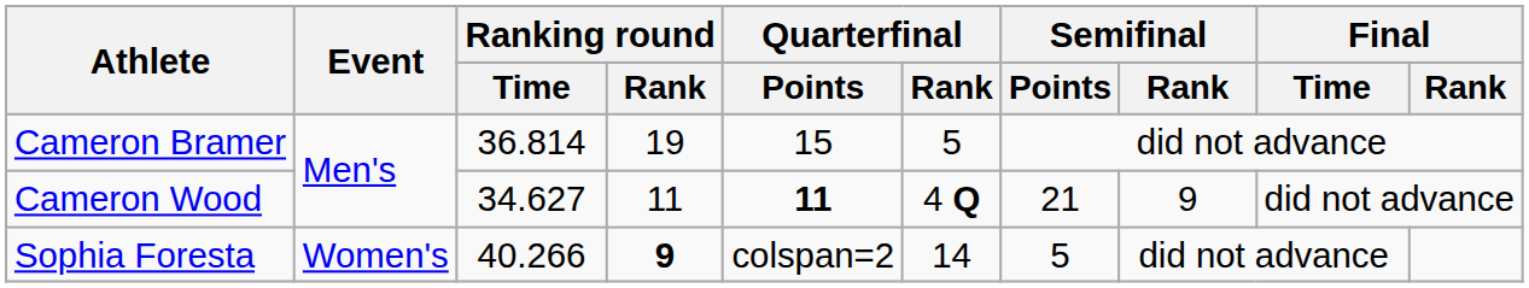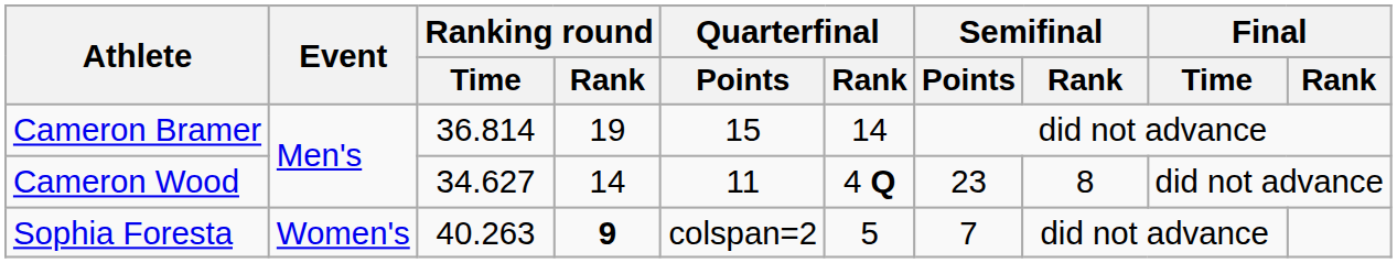 <table class=wikitable style=font-size:90%;text-align:center>
 <tr>
 <th rowspan=2>Athlete</th>
 <th rowspan=2>Event</th>
 <th colspan=2>Ranking round</th>
 <th colspan=2>Quarterfinal</th>
 <th colspan=2>Semifinal</th>
 <th colspan=2>Final</th>
 </tr>
 <tr style=font-size:95%>
 <th>Time</th>
 <th>Rank</th>
 <th>Points</th>
 <th>Rank</th>
 <th>Points</th>
 <th>Rank</th>
 <th>Time</th>
 <th>Rank</th>
 </tr>
 <tr>
 <td align=left><a href='#'>Cameron Bramer</a></td>
 <td align=left rowspan=2><a href='#'>Men's</a></td>
 <td>36.814</td>
 <td>19</td>
 <td>15</td>
-<td>5</td>
+<td>14</td>
 <td colspan=4>did not advance</td>
 </tr>
 <tr>
 <td align=left><a href='#'>Cameron Wood</a></td>
 <td>34.627</td>
+<td>14</td>
 <td>11</td>
-<td><strong>11</strong></td>
 <td>4 <strong>Q</strong></td>
-<td>21</td>
-<td>9</td>
+<td>23</td>
+<td>8</td>
 <td colspan=2>did not advance</td>
 </tr>
 <tr>
 <td align=left><a href='#'>Sophia Foresta</a></td>
 <td align=left><a href='#'>Women's</a></td>
-<td>40.266</td>
+<td>40.263</td>
 <td><strong>9</strong></td>
 <td>colspan=2 </td>
-<td>14</td>
 <td>5</td>
+<td>7</td>
 <td colspan=2>did not advance</td>
 </tr>
 </table>
